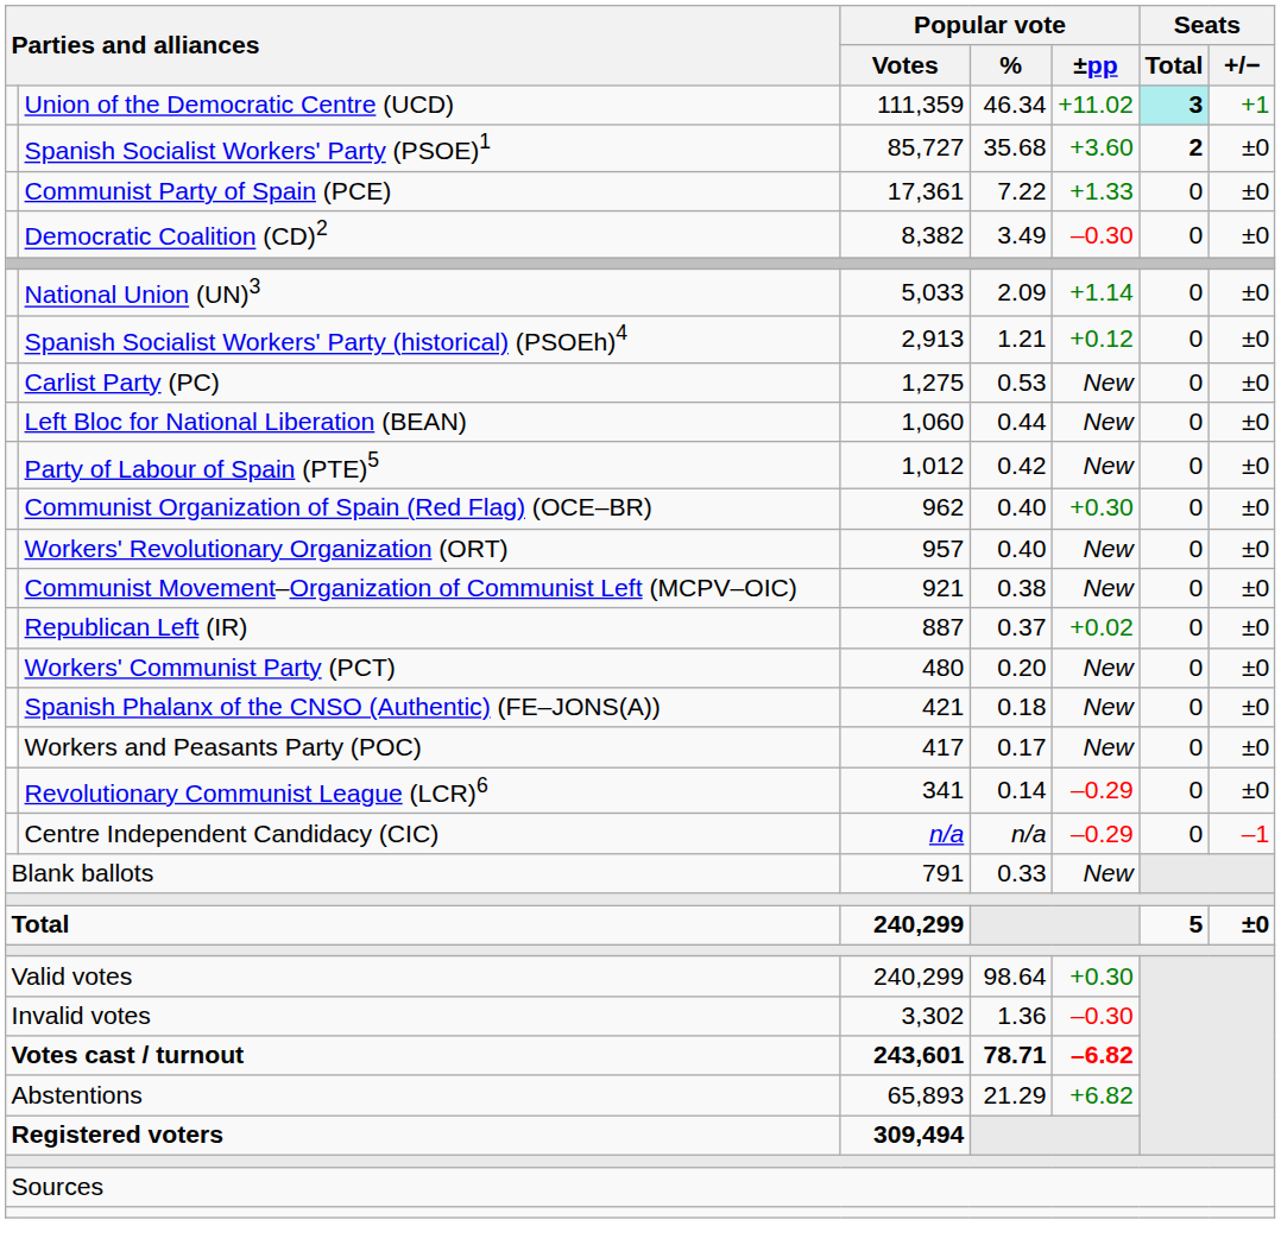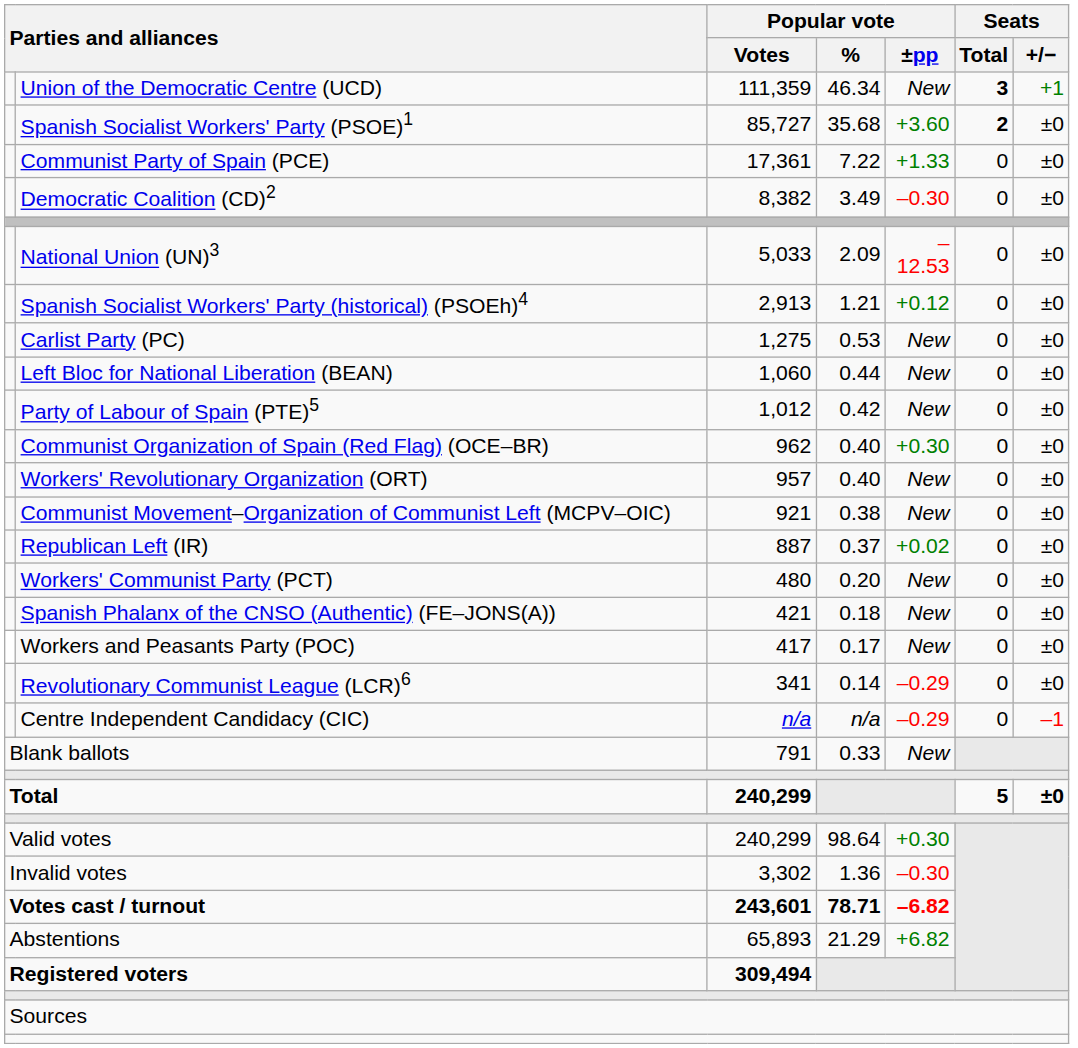 <table class="wikitable" style="text-align:right;">
 <tr>
 <th style="text-align:left;" rowspan="2" colspan="2" width="525">Parties and alliances</th>
 <th colspan="3">Popular vote</th>
 <th colspan="2">Seats</th>
 </tr>
 <tr>
 <th width="75">Votes</th>
 <th width="45">%</th>
 <th width="45">±<a href='#'>pp</a></th>
 <th width="35">Total</th>
 <th width="35">+/−</th>
 </tr>
 <tr>
 <td width="1" style="color:inherit;background:"></td>
 <td align="left"><a href='#'>Union of the Democratic Centre</a> (UCD)</td>
 <td>111,359</td>
 <td>46.34</td>
-<td style="color:green;">+11.02</td>
-<td style="background: paleturquoise;"><strong>3</strong></td>
+<td><em>New</em></td>
+<td><strong>3</strong></td>
 <td style="color:green;">+1</td>
 </tr>
 <tr>
 <td style="color:inherit;background:"></td>
 <td align="left"><a href='#'>Spanish Socialist Workers' Party</a> (PSOE)<sup>1</sup></td>
 <td>85,727</td>
 <td>35.68</td>
 <td style="color:green;">+3.60</td>
 <td><strong>2</strong></td>
 <td>±0</td>
 </tr>
 <tr>
 <td style="color:inherit;background:"></td>
 <td align="left"><a href='#'>Communist Party of Spain</a> (PCE)</td>
 <td>17,361</td>
 <td>7.22</td>
 <td style="color:green;">+1.33</td>
 <td>0</td>
 <td>±0</td>
 </tr>
 <tr>
 <td style="color:inherit;background:"></td>
 <td align="left"><a href='#'>Democratic Coalition</a> (CD)<sup>2</sup></td>
 <td>8,382</td>
 <td>3.49</td>
 <td style="color:red;">–0.30</td>
 <td>0</td>
 <td>±0</td>
 </tr>
 <tr>
 <td colspan="7" bgcolor="#C0C0C0"></td>
 </tr>
 <tr>
 <td style="color:inherit;background:"></td>
 <td align="left"><a href='#'>National Union</a> (UN)<sup>3</sup></td>
 <td>5,033</td>
 <td>2.09</td>
-<td style="color:green;">+1.14</td>
+<td style="color:red;">–12.53</td>
 <td>0</td>
 <td>±0</td>
 </tr>
 <tr>
 <td style="color:inherit;background:"></td>
 <td align="left"><a href='#'>Spanish Socialist Workers' Party (historical)</a> (PSOEh)<sup>4</sup></td>
 <td>2,913</td>
 <td>1.21</td>
 <td style="color:green;">+0.12</td>
 <td>0</td>
 <td>±0</td>
 </tr>
 <tr>
 <td style="color:inherit;background:"></td>
 <td align="left"><a href='#'>Carlist Party</a> (PC)</td>
 <td>1,275</td>
 <td>0.53</td>
 <td><em>New</em></td>
 <td>0</td>
 <td>±0</td>
 </tr>
 <tr>
 <td style="color:inherit;background:"></td>
 <td align="left"><a href='#'>Left Bloc for National Liberation</a> (BEAN)</td>
 <td>1,060</td>
 <td>0.44</td>
 <td><em>New</em></td>
 <td>0</td>
 <td>±0</td>
 </tr>
 <tr>
 <td style="color:inherit;background:"></td>
 <td align="left"><a href='#'>Party of Labour of Spain</a> (PTE)<sup>5</sup></td>
 <td>1,012</td>
 <td>0.42</td>
 <td><em>New</em></td>
 <td>0</td>
 <td>±0</td>
 </tr>
 <tr>
 <td style="color:inherit;background:"></td>
 <td align="left"><a href='#'>Communist Organization of Spain (Red Flag)</a> (OCE–BR)</td>
 <td>962</td>
 <td>0.40</td>
 <td style="color:green;">+0.30</td>
 <td>0</td>
 <td>±0</td>
 </tr>
 <tr>
 <td style="color:inherit;background:"></td>
 <td align="left"><a href='#'>Workers' Revolutionary Organization</a> (ORT)</td>
 <td>957</td>
 <td>0.40</td>
 <td><em>New</em></td>
 <td>0</td>
 <td>±0</td>
 </tr>
 <tr>
 <td style="color:inherit;background:"></td>
 <td align="left"><a href='#'>Communist Movement</a>–<a href='#'>Organization of Communist Left</a> (MCPV–OIC)</td>
 <td>921</td>
 <td>0.38</td>
 <td><em>New</em></td>
 <td>0</td>
 <td>±0</td>
 </tr>
 <tr>
 <td style="color:inherit;background:"></td>
 <td align="left"><a href='#'>Republican Left</a> (IR)</td>
 <td>887</td>
 <td>0.37</td>
 <td style="color:green;">+0.02</td>
 <td>0</td>
 <td>±0</td>
 </tr>
 <tr>
 <td style="color:inherit;background:"></td>
 <td align="left"><a href='#'>Workers' Communist Party</a> (PCT)</td>
 <td>480</td>
 <td>0.20</td>
 <td><em>New</em></td>
 <td>0</td>
 <td>±0</td>
 </tr>
 <tr>
 <td style="color:inherit;background:"></td>
 <td align="left"><a href='#'>Spanish Phalanx of the CNSO (Authentic)</a> (FE–JONS(A))</td>
 <td>421</td>
 <td>0.18</td>
 <td><em>New</em></td>
 <td>0</td>
 <td>±0</td>
 </tr>
 <tr>
 <td bgcolor="white"></td>
 <td align="left">Workers and Peasants Party (POC)</td>
 <td>417</td>
 <td>0.17</td>
 <td><em>New</em></td>
 <td>0</td>
 <td>±0</td>
 </tr>
 <tr>
 <td style="color:inherit;background:"></td>
 <td align="left"><a href='#'>Revolutionary Communist League</a> (LCR)<sup>6</sup></td>
 <td>341</td>
 <td>0.14</td>
 <td style="color:red;">–0.29</td>
 <td>0</td>
 <td>±0</td>
 </tr>
 <tr>
 <td style="color:inherit;background:"></td>
 <td align="left">Centre Independent Candidacy (CIC)</td>
 <td><em><a href='#'>n/a</a></em></td>
 <td><em>n/a</em></td>
 <td style="color:red;">–0.29</td>
 <td>0</td>
 <td style="color:red;">–1</td>
 </tr>
 <tr>
 <td align="left" colspan="2">Blank ballots</td>
 <td>791</td>
 <td>0.33</td>
 <td><em>New</em></td>
 <td bgcolor="#E9E9E9" colspan="2"></td>
 </tr>
 <tr>
 <td colspan="7" bgcolor="#E9E9E9"></td>
 </tr>
 <tr style="font-weight:bold;">
 <td align="left" colspan="2">Total</td>
 <td>240,299</td>
 <td bgcolor="#E9E9E9" colspan="2"></td>
 <td>5</td>
 <td>±0</td>
 </tr>
 <tr>
 <td colspan="7" bgcolor="#E9E9E9"></td>
 </tr>
 <tr>
 <td align="left" colspan="2">Valid votes</td>
 <td>240,299</td>
 <td>98.64</td>
 <td style="color:green;">+0.30</td>
 <td bgcolor="#E9E9E9" colspan="2" rowspan="5"></td>
 </tr>
 <tr>
 <td align="left" colspan="2">Invalid votes</td>
 <td>3,302</td>
 <td>1.36</td>
 <td style="color:red;">–0.30</td>
 </tr>
 <tr style="font-weight:bold;">
 <td align="left" colspan="2">Votes cast / turnout</td>
 <td>243,601</td>
 <td>78.71</td>
 <td style="color:red;">–6.82</td>
 </tr>
 <tr>
 <td align="left" colspan="2">Abstentions</td>
 <td>65,893</td>
 <td>21.29</td>
 <td style="color:green;">+6.82</td>
 </tr>
 <tr style="font-weight:bold;">
 <td align="left" colspan="2">Registered voters</td>
 <td>309,494</td>
 <td bgcolor="#E9E9E9" colspan="2"></td>
 </tr>
 <tr>
 <td colspan="7" bgcolor="#E9E9E9"></td>
 </tr>
 <tr>
 <td align="left" colspan="7">Sources</td>
 </tr>
 <tr>
 <td colspan="7" style="text-align:left; max-width:790px;"></td>
 </tr>
 </table>
